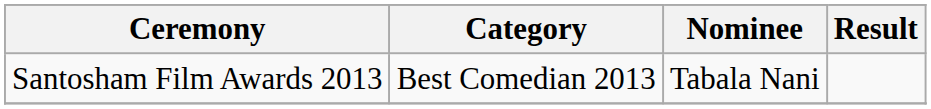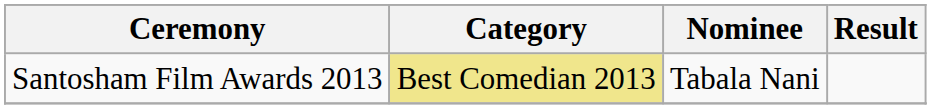 <table class="wikitable">
 <tr>
 <th>Ceremony</th>
 <th>Category</th>
 <th>Nominee</th>
 <th>Result</th>
 </tr>
 <tr>
 <td rowspan="1">Santosham Film Awards 2013</td>
-<td>Best Comedian 2013</td>
+<td style="background: khaki;">Best Comedian 2013</td>
 <td>Tabala Nani</td>
 <td></td>
 </tr>
 <tr>
 </tr>
 <tr>
 </tr>
 </table>
